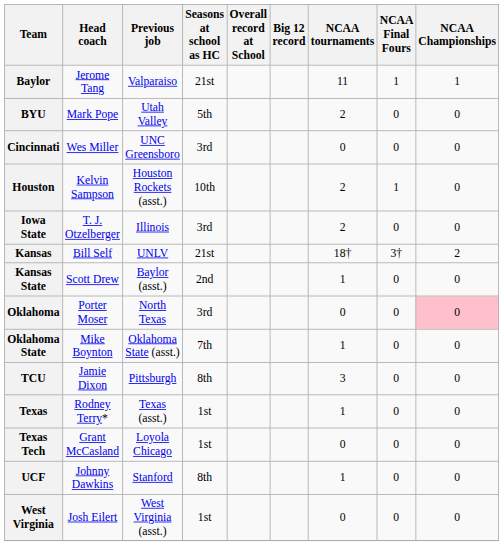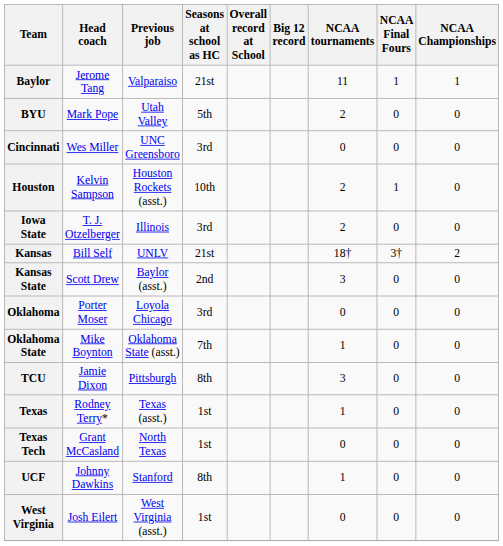 <table class="wikitable sortable" style="text-align: center;font-size:90%;">
 <tr>
 <th width="110">Team</th>
 <th>Head coach</th>
 <th>Previous job</th>
 <th>Seasons at school as HC</th>
 <th>Overall record at School</th>
 <th>Big 12 record</th>
 <th>NCAA tournaments</th>
 <th>NCAA Final Fours</th>
 <th>NCAA Championships</th>
 </tr>
 <tr>
 <th>Baylor</th>
 <td><a href='#'>Jerome Tang</a></td>
 <td><a href='#'>Valparaiso</a></td>
 <td>21st</td>
 <td></td>
 <td></td>
 <td>11</td>
 <td>1</td>
 <td>1</td>
 </tr>
 <tr>
 <th>BYU</th>
 <td><a href='#'>Mark Pope</a></td>
 <td><a href='#'>Utah Valley</a></td>
 <td>5th</td>
 <td></td>
 <td></td>
 <td>2</td>
 <td>0</td>
 <td>0</td>
 </tr>
 <tr>
 <th>Cincinnati</th>
 <td><a href='#'>Wes Miller</a></td>
 <td><a href='#'>UNC Greensboro</a></td>
 <td>3rd</td>
 <td></td>
 <td></td>
 <td>0</td>
 <td>0</td>
 <td>0</td>
 </tr>
 <tr>
 <th>Houston</th>
 <td><a href='#'>Kelvin Sampson</a></td>
 <td><a href='#'>Houston Rockets</a> (asst.)</td>
 <td>10th</td>
 <td></td>
 <td></td>
 <td>2</td>
 <td>1</td>
 <td>0</td>
 </tr>
 <tr>
 <th>Iowa State</th>
 <td><a href='#'>T. J. Otzelberger</a></td>
 <td><a href='#'>Illinois</a></td>
 <td>3rd</td>
 <td></td>
 <td></td>
 <td>2</td>
 <td>0</td>
 <td>0</td>
 </tr>
 <tr>
 <th>Kansas</th>
 <td><a href='#'>Bill Self</a></td>
 <td><a href='#'>UNLV</a></td>
 <td>21st</td>
 <td></td>
 <td></td>
 <td>18†</td>
 <td>3†</td>
 <td>2</td>
 </tr>
 <tr>
 <th>Kansas State</th>
 <td><a href='#'>Scott Drew</a></td>
 <td><a href='#'>Baylor</a> (asst.)</td>
 <td>2nd</td>
 <td></td>
 <td></td>
-<td>1</td>
+<td>3</td>
 <td>0</td>
 <td>0</td>
 </tr>
 <tr>
 <th>Oklahoma</th>
 <td><a href='#'>Porter Moser</a></td>
-<td><a href='#'>North Texas</a></td>
+<td><a href='#'>Loyola Chicago</a></td>
 <td>3rd</td>
 <td></td>
 <td></td>
 <td>0</td>
 <td>0</td>
-<td style="background: pink;">0</td>
+<td>0</td>
 </tr>
 <tr>
 <th>Oklahoma State</th>
 <td><a href='#'>Mike Boynton</a></td>
 <td><a href='#'>Oklahoma State</a> (asst.)</td>
 <td>7th</td>
 <td></td>
 <td></td>
 <td>1</td>
 <td>0</td>
 <td>0</td>
 </tr>
 <tr>
 <th>TCU</th>
 <td><a href='#'>Jamie Dixon</a></td>
 <td><a href='#'>Pittsburgh</a></td>
 <td>8th</td>
 <td></td>
 <td></td>
 <td>3</td>
 <td>0</td>
 <td>0</td>
 </tr>
 <tr>
 <th>Texas</th>
 <td><a href='#'>Rodney Terry</a>*</td>
 <td><a href='#'>Texas</a> (asst.)</td>
 <td>1st</td>
 <td></td>
 <td></td>
 <td>1</td>
 <td>0</td>
 <td>0</td>
 </tr>
 <tr>
 <th>Texas Tech</th>
 <td><a href='#'>Grant McCasland</a></td>
-<td><a href='#'>Loyola Chicago</a></td>
+<td><a href='#'>North Texas</a></td>
 <td>1st</td>
 <td></td>
 <td></td>
 <td>0</td>
 <td>0</td>
 <td>0</td>
 </tr>
 <tr>
 <th>UCF</th>
 <td><a href='#'>Johnny Dawkins</a></td>
 <td><a href='#'>Stanford</a></td>
 <td>8th</td>
 <td></td>
 <td></td>
 <td>1</td>
 <td>0</td>
 <td>0</td>
 </tr>
 <tr>
 <th>West Virginia</th>
 <td><a href='#'>Josh Eilert</a></td>
 <td><a href='#'>West Virginia</a> (asst.)</td>
 <td>1st</td>
 <td></td>
 <td></td>
 <td>0</td>
 <td>0</td>
 <td>0</td>
 </tr>
 <tr>
 </tr>
 </table>
